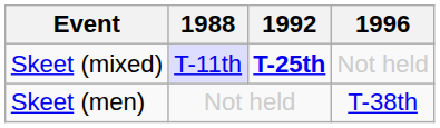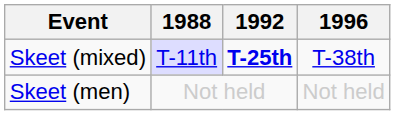 <table class="wikitable" style="text-align: center">
 <tr>
 <th>Event</th>
 <th>1988</th>
 <th>1992</th>
 <th>1996</th>
 </tr>
 <tr>
 <td align=left><a href='#'>Skeet</a> (mixed)</td>
 <td style="background: #ddddff"><a href='#'>T-11th</a></td>
 <td><strong><a href='#'>T-25th</a></strong></td>
-<td colspan=1 style="color: #cccccc">Not held</td>
+<td><a href='#'>T-38th</a></td>
 </tr>
 <tr>
 <td align=left><a href='#'>Skeet</a> (men)</td>
 <td colspan=2 style="color: #cccccc">Not held</td>
-<td><a href='#'>T-38th</a></td>
+<td colspan=1 style="color: #cccccc">Not held</td>
 </tr>
 </table>
